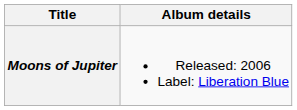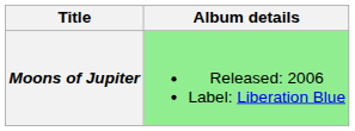 <table class="wikitable plainrowheaders" style="text-align:center;" border="1">
 <tr>
 <th>Title</th>
 <th>Album details</th>
 </tr>
 <tr>
 <th scope="row"><em>Moons of Jupiter</em></th>
-<td><br><ul><li>Released: 2006</li><li>Label: <a href='#'>Liberation Blue</a></li></ul></td>
+<td style="background: lightgreen;"><br><ul><li>Released: 2006</li><li>Label: <a href='#'>Liberation Blue</a></li></ul></td>
 </tr>
 </table>
